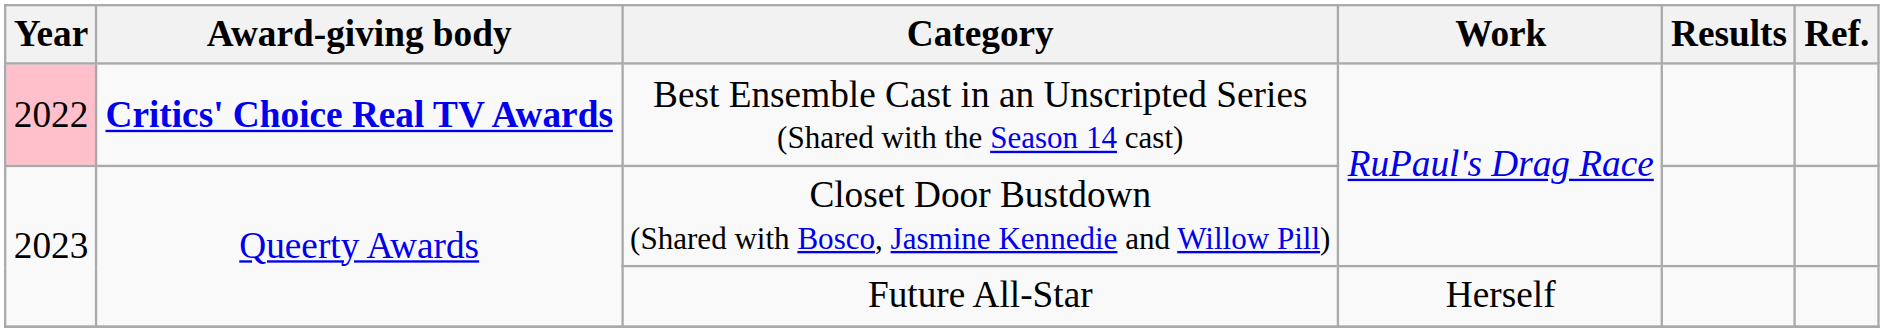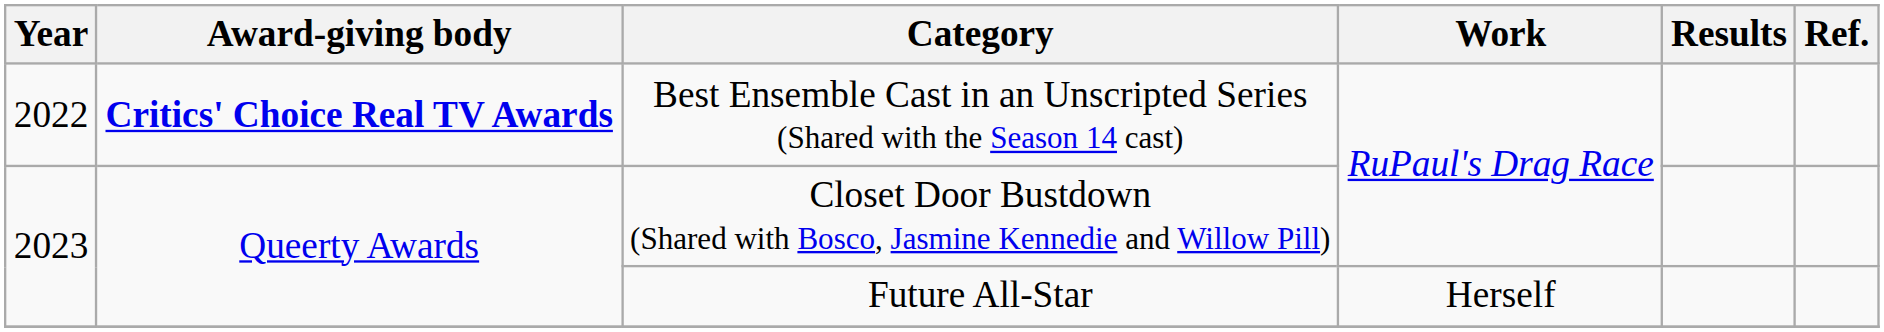 <table class="wikitable sortable" >
 <tr>
 <th>Year</th>
 <th>Award-giving body</th>
 <th>Category</th>
 <th>Work</th>
 <th>Results</th>
 <th>Ref.</th>
 </tr>
 <tr>
-<td style="background: pink; text-align:center">2022</td>
+<td style="text-align:center">2022</td>
 <td style="text-align:center"><strong><a href='#'>Critics' Choice Real TV Awards</a></strong></td>
 <td style="text-align:center">Best Ensemble Cast in an Unscripted Series<br><small>(Shared with the <a href='#'>Season 14</a> cast)</small></td>
 <td style="text-align:center" rowspan="2"><a href='#'><em>RuPaul's Drag Race</em></a></td>
 <td></td>
 <td style="text-align:center"></td>
 </tr>
 <tr>
 <td style="text-align:center" rowspan="2">2023</td>
 <td style="text-align:center" rowspan="2"><a href='#'>Queerty Awards</a></td>
 <td style="text-align:center">Closet Door Bustdown<br><small>(Shared with <a href='#'>Bosco</a>, <a href='#'>Jasmine Kennedie</a> and <a href='#'>Willow Pill</a>)</small></td>
 <td></td>
 <td style="text-align:center"></td>
 </tr>
 <tr>
 <td style="text-align:center">Future All-Star</td>
 <td style="text-align:center">Herself</td>
 <td></td>
 <td style="text-align:center"></td>
 </tr>
 <tr>
 </tr>
 </table>
